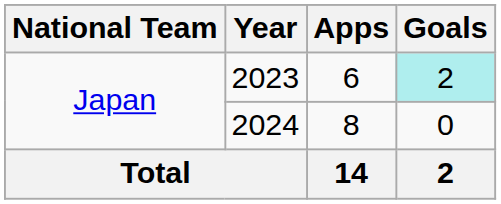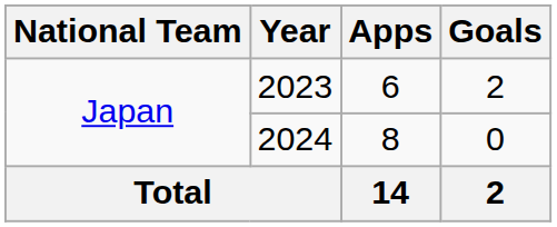 <table class="wikitable" style="text-align:center">
 <tr>
 <th>National Team</th>
 <th>Year</th>
 <th>Apps</th>
 <th>Goals</th>
 </tr>
 <tr>
 <td rowspan="2"><a href='#'>Japan</a></td>
 <td>2023</td>
 <td>6</td>
-<td style="background: paleturquoise;">2</td>
+<td>2</td>
 </tr>
 <tr>
 <td>2024</td>
 <td>8</td>
 <td>0</td>
 </tr>
 <tr>
 <th colspan="2">Total</th>
 <th>14</th>
 <th>2</th>
 </tr>
 </table>
